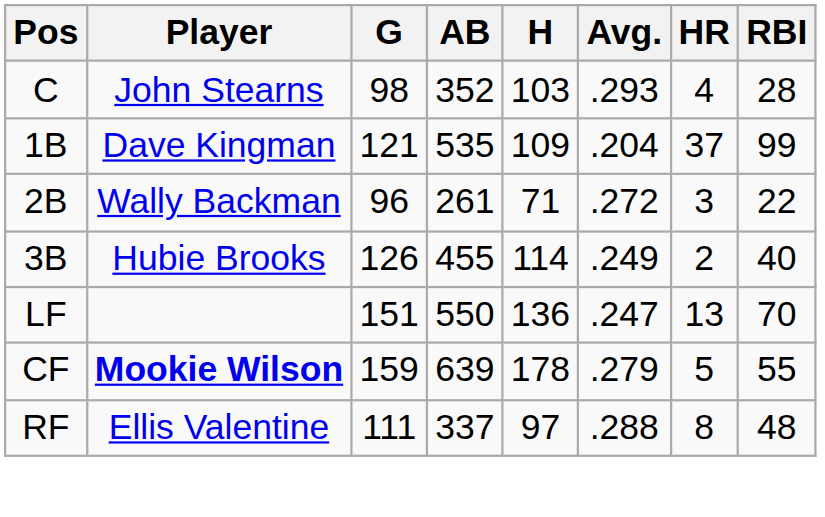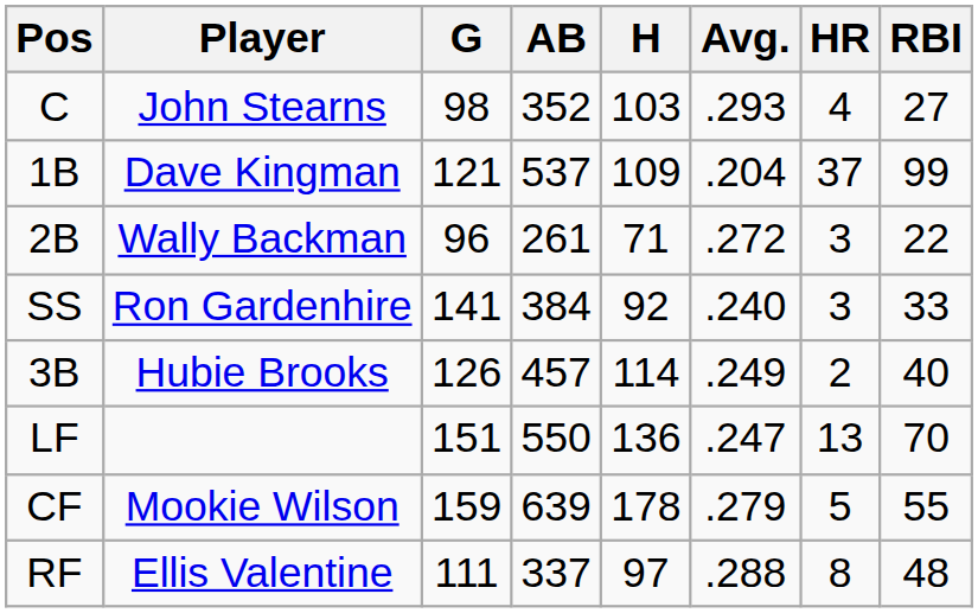 <table class="wikitable sortable">
 <tr>
 <th>Pos</th>
 <th>Player</th>
 <th>G</th>
 <th>AB</th>
 <th>H</th>
 <th>Avg.</th>
 <th>HR</th>
 <th>RBI</th>
 </tr>
 <tr align="center">
 <td>C</td>
 <td><a href='#'>John Stearns</a></td>
 <td>98</td>
 <td>352</td>
 <td>103</td>
 <td>.293</td>
 <td>4</td>
-<td>28</td>
+<td>27</td>
 </tr>
 <tr align=center>
 <td>1B</td>
 <td><a href='#'>Dave Kingman</a></td>
 <td>121</td>
-<td>535</td>
+<td>537</td>
 <td>109</td>
 <td>.204</td>
 <td>37</td>
 <td>99</td>
 </tr>
 <tr align=center>
 <td>2B</td>
 <td><a href='#'>Wally Backman</a></td>
 <td>96</td>
 <td>261</td>
 <td>71</td>
 <td>.272</td>
 <td>3</td>
 <td>22</td>
 </tr>
 <tr align=center>
+<td>SS</td>
+<td><a href='#'>Ron Gardenhire</a></td>
+<td>141</td>
+<td>384</td>
+<td>92</td>
+<td>.240</td>
+<td>3</td>
+<td>33</td>
+</tr>
+<tr align=center>
 <td>3B</td>
 <td><a href='#'>Hubie Brooks</a></td>
 <td>126</td>
-<td>455</td>
+<td>457</td>
 <td>114</td>
 <td>.249</td>
 <td>2</td>
 <td>40</td>
 </tr>
 <tr align=center>
 <td>LF</td>
 <td></td>
 <td>151</td>
 <td>550</td>
 <td>136</td>
 <td>.247</td>
 <td>13</td>
 <td>70</td>
 </tr>
 <tr align="center">
 <td>CF</td>
-<td><strong><a href='#'>Mookie Wilson</a></strong></td>
+<td><a href='#'>Mookie Wilson</a></td>
 <td>159</td>
 <td>639</td>
 <td>178</td>
 <td>.279</td>
 <td>5</td>
 <td>55</td>
 </tr>
 <tr align=center>
 <td>RF</td>
 <td><a href='#'>Ellis Valentine</a></td>
 <td>111</td>
 <td>337</td>
 <td>97</td>
 <td>.288</td>
 <td>8</td>
 <td>48</td>
 </tr>
 </table>
